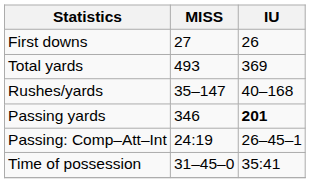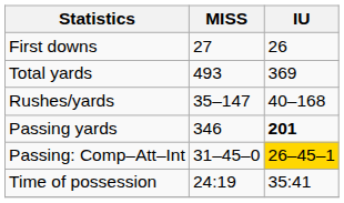 <table class="wikitable" style="float: left;">
 <tr>
 <th>Statistics</th>
 <th>MISS</th>
 <th>IU</th>
 </tr>
 <tr>
 <td>First downs</td>
 <td>27</td>
 <td>26</td>
 </tr>
 <tr>
 <td>Total yards</td>
 <td>493</td>
 <td>369</td>
 </tr>
 <tr>
 <td>Rushes/yards</td>
 <td>35–147</td>
 <td>40–168</td>
 </tr>
 <tr>
 <td>Passing yards</td>
 <td>346</td>
 <td><strong>201</strong></td>
 </tr>
 <tr>
 <td>Passing: Comp–Att–Int</td>
-<td>24:19</td>
-<td>26–45–1</td>
+<td>31–45–0</td>
+<td style="background: gold;">26–45–1</td>
 </tr>
 <tr>
 <td>Time of possession</td>
-<td>31–45–0</td>
+<td>24:19</td>
 <td>35:41</td>
 </tr>
 <tr>
 </tr>
 </table>
